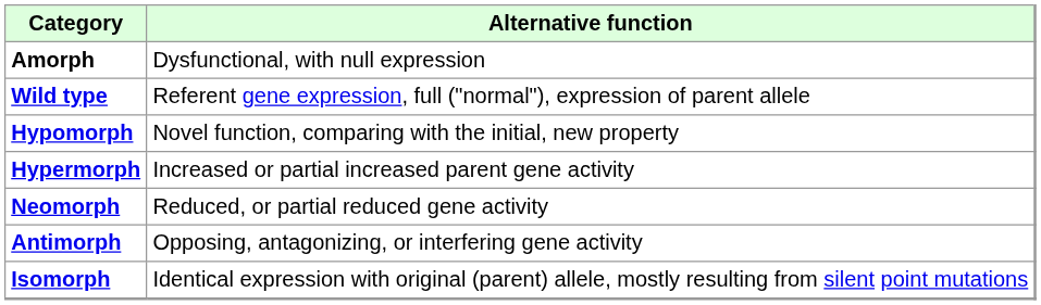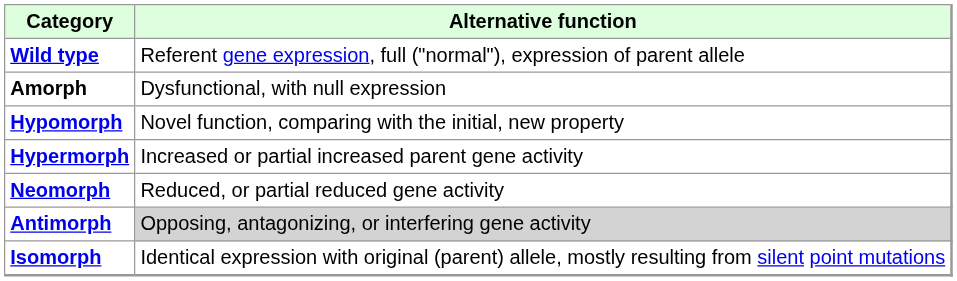 <table border=1 cellpadding=4 cellspacing=0 class="toccolours" style="align: left; margin: 0.5em 0 0 0; border-style: solid; border: 1px solid #999; border-right-width: 2px; border-bottom-width: 2px; border-collapse: collapse; font-size: 100%;">
 <tr>
 <td style="background:#ddffdd;" align="center"><strong>Category</strong></td>
 <td colspan=1 style="background:#ddffdd;" align="center"><strong>Alternative function</strong></td>
 </tr>
 <tr>
+<td><strong><a href='#'>Wild type</a></strong></td>
+<td>Referent <a href='#'>gene expression</a>, full ("normal"),  expression  of  parent  allele</td>
+</tr>
+<tr>
 <td><strong>Amorph</strong></td>
 <td>Dysfunctional, with null expression</td>
-</tr>
-<tr>
-<td><strong><a href='#'>Wild type</a></strong></td>
-<td>Referent <a href='#'>gene expression</a>, full ("normal"),  expression  of  parent  allele</td>
 </tr>
 <tr>
 <td><strong><a href='#'>Hypomorph</a></strong></td>
 <td>Novel function, comparing with the initial, new property</td>
 </tr>
 <tr>
 <td><strong><a href='#'>Hypermorph</a></strong></td>
 <td>Increased or partial  increased parent gene activity</td>
 </tr>
 <tr>
 <td><strong><a href='#'>Neomorph</a></strong></td>
 <td>Reduced, or partial reduced gene activity</td>
 </tr>
 <tr>
 <td><strong><a href='#'>Antimorph</a></strong></td>
-<td>Opposing, antagonizing, or interfering gene activity</td>
+<td style="background: lightgrey;">Opposing, antagonizing, or interfering gene activity</td>
 </tr>
 <tr>
 <td><strong><a href='#'>Isomorph</a></strong></td>
 <td>Identical expression with original (parent) allele, mostly resulting from <a href='#'>silent</a> <a href='#'>point mutations</a></td>
 </tr>
 <tr>
 </tr>
 </table>
